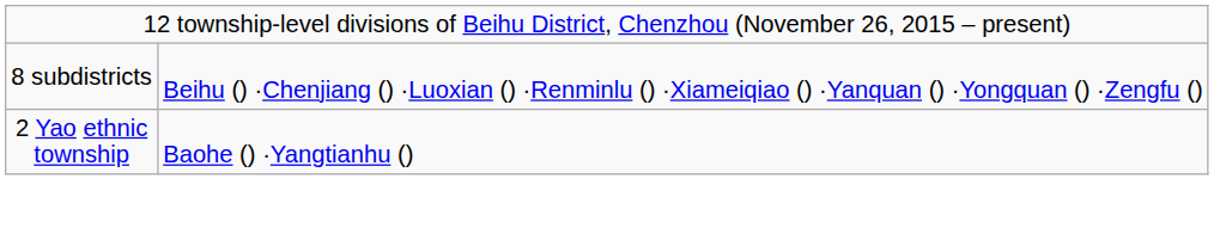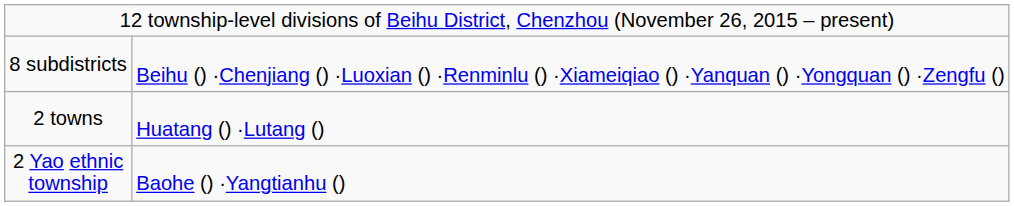 <table class="wikitable">
 <tr>
 <td style="text-align:center;" colspan="2">12 township-level divisions of <a href='#'>Beihu District</a>, <a href='#'>Chenzhou</a> (November 26, 2015 – present)</td>
 </tr>
 <tr align=left>
 <td align=center>8 subdistricts</td>
 <td><br><a href='#'>Beihu</a> () ·<a href='#'>Chenjiang</a> () ·<a href='#'>Luoxian</a> () ·<a href='#'>Renminlu</a> () ·<a href='#'>Xiameiqiao</a> () ·<a href='#'>Yanquan</a> () ·<a href='#'>Yongquan</a> () ·<a href='#'>Zengfu</a> ()</td>
 </tr>
 <tr align=left>
+<td align=center>2 towns</td>
+<td><br><a href='#'>Huatang</a> () ·<a href='#'>Lutang</a> ()</td>
+</tr>
+<tr align=left>
 <td align=center>2 <a href='#'>Yao</a> <a href='#'>ethnic<br>township</a></td>
 <td><br><a href='#'>Baohe</a> () ·<a href='#'>Yangtianhu</a> ()</td>
 </tr>
 </table>
